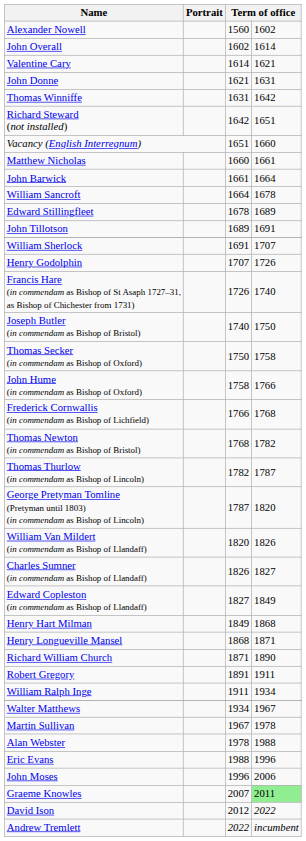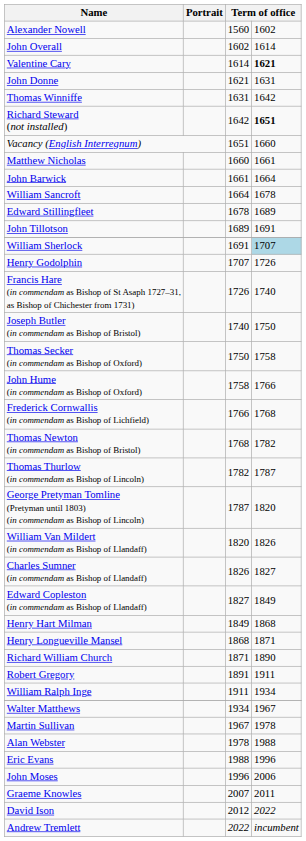 <table class="wikitable">
 <tr>
 <th>Name</th>
 <th>Portrait</th>
 <th colspan=2>Term of office</th>
 </tr>
 <tr>
 <td><a href='#'>Alexander Nowell</a></td>
 <td></td>
 <td>1560</td>
 <td>1602</td>
 </tr>
 <tr>
 <td><a href='#'>John Overall</a></td>
 <td></td>
 <td>1602</td>
 <td>1614</td>
 </tr>
 <tr>
 <td><a href='#'>Valentine Cary</a></td>
 <td></td>
 <td>1614</td>
-<td>1621</td>
+<td><strong>1621</strong></td>
 </tr>
 <tr>
 <td><a href='#'>John Donne</a></td>
 <td></td>
 <td>1621</td>
 <td>1631</td>
 </tr>
 <tr>
 <td><a href='#'>Thomas Winniffe</a></td>
 <td></td>
 <td>1631</td>
 <td>1642</td>
 </tr>
 <tr>
 <td><a href='#'>Richard Steward</a><br>(<em>not installed</em>)</td>
 <td></td>
 <td>1642</td>
-<td>1651</td>
+<td><strong>1651</strong></td>
 </tr>
 <tr>
 <td colspan=2><em>Vacancy (<a href='#'>English Interregnum</a>)</em></td>
 <td>1651</td>
 <td>1660</td>
 </tr>
 <tr>
 <td><a href='#'>Matthew Nicholas</a></td>
 <td></td>
 <td>1660</td>
 <td>1661</td>
 </tr>
 <tr>
 <td><a href='#'>John Barwick</a></td>
 <td></td>
 <td>1661</td>
 <td>1664</td>
 </tr>
 <tr>
 <td><a href='#'>William Sancroft</a></td>
 <td></td>
 <td>1664</td>
 <td>1678</td>
 </tr>
 <tr>
 <td><a href='#'>Edward Stillingfleet</a></td>
 <td></td>
 <td>1678</td>
 <td>1689</td>
 </tr>
 <tr>
 <td><a href='#'>John Tillotson</a></td>
 <td></td>
 <td>1689</td>
 <td>1691</td>
 </tr>
 <tr>
 </tr>
 <tr>
 <td><a href='#'>William Sherlock</a></td>
 <td></td>
 <td>1691</td>
-<td>1707</td>
+<td style="background: lightblue;">1707</td>
 </tr>
 <tr>
 <td><a href='#'>Henry Godolphin</a></td>
 <td></td>
 <td>1707</td>
 <td>1726</td>
 </tr>
 <tr>
 <td><a href='#'>Francis Hare</a><br><small>(<em>in commendam</em> as Bishop of St Asaph 1727–31,<br>as Bishop of Chichester from 1731)</small></td>
 <td></td>
 <td>1726</td>
 <td>1740</td>
 </tr>
 <tr>
 <td><a href='#'>Joseph Butler</a><br><small>(<em>in commendam</em> as Bishop of Bristol)</small></td>
 <td></td>
 <td>1740</td>
 <td>1750</td>
 </tr>
 <tr>
 <td><a href='#'>Thomas Secker</a><br><small>(<em>in commendam</em> as Bishop of Oxford)</small></td>
 <td></td>
 <td>1750</td>
 <td>1758</td>
 </tr>
 <tr>
 <td><a href='#'>John Hume</a><br><small>(<em>in commendam</em> as Bishop of Oxford)</small></td>
 <td></td>
 <td>1758</td>
 <td>1766</td>
 </tr>
 <tr>
 <td><a href='#'>Frederick Cornwallis</a><br><small>(<em>in commendam</em> as Bishop of Lichfield)</small></td>
 <td></td>
 <td>1766</td>
 <td>1768</td>
 </tr>
 <tr>
 <td><a href='#'>Thomas Newton</a><br><small>(<em>in commendam</em> as Bishop of Bristol)</small></td>
 <td></td>
 <td>1768</td>
 <td>1782</td>
 </tr>
 <tr>
 <td><a href='#'>Thomas Thurlow</a><br><small>(<em>in commendam</em> as Bishop of Lincoln)</small></td>
 <td></td>
 <td>1782</td>
 <td>1787</td>
 </tr>
 <tr>
 <td><a href='#'>George Pretyman Tomline</a><br><small>(Pretyman until 1803)<br>(<em>in commendam</em> as Bishop of Lincoln)</small></td>
 <td></td>
 <td>1787</td>
 <td>1820</td>
 </tr>
 <tr>
 <td><a href='#'>William Van Mildert</a><br><small>(<em>in commendam</em> as Bishop of Llandaff)</small></td>
 <td></td>
 <td>1820</td>
 <td>1826</td>
 </tr>
 <tr>
 <td><a href='#'>Charles Sumner</a><br><small>(<em>in commendam</em> as Bishop of Llandaff)</small></td>
 <td></td>
 <td>1826</td>
 <td>1827</td>
 </tr>
 <tr>
 <td><a href='#'>Edward Copleston</a><br><small>(<em>in commendam</em> as Bishop of Llandaff)</small></td>
 <td></td>
 <td>1827</td>
 <td>1849</td>
 </tr>
 <tr>
 <td><a href='#'>Henry Hart Milman</a></td>
 <td></td>
 <td>1849</td>
 <td>1868</td>
 </tr>
 <tr>
 <td><a href='#'>Henry Longueville Mansel</a></td>
 <td></td>
 <td>1868</td>
 <td>1871</td>
 </tr>
 <tr>
 <td><a href='#'>Richard William Church</a></td>
 <td></td>
 <td>1871</td>
 <td>1890</td>
 </tr>
 <tr>
 <td><a href='#'>Robert Gregory</a></td>
 <td></td>
 <td>1891</td>
 <td>1911</td>
 </tr>
 <tr>
 <td><a href='#'>William Ralph Inge</a></td>
 <td></td>
 <td>1911</td>
 <td>1934</td>
 </tr>
 <tr>
 </tr>
 <tr>
 <td><a href='#'>Walter Matthews</a></td>
 <td></td>
 <td>1934</td>
 <td>1967</td>
 </tr>
 <tr>
 <td><a href='#'>Martin Sullivan</a></td>
 <td></td>
 <td>1967</td>
 <td>1978</td>
 </tr>
 <tr>
 <td><a href='#'>Alan Webster</a></td>
 <td></td>
 <td>1978</td>
 <td>1988</td>
 </tr>
 <tr>
 <td><a href='#'>Eric Evans</a></td>
 <td></td>
 <td>1988</td>
 <td>1996</td>
 </tr>
 <tr>
 <td><a href='#'>John Moses</a></td>
 <td></td>
 <td>1996</td>
 <td>2006</td>
 </tr>
 <tr>
 <td><a href='#'>Graeme Knowles</a></td>
 <td></td>
 <td>2007</td>
-<td style="background: lightgreen;">2011</td>
+<td>2011</td>
 </tr>
 <tr>
 <td><a href='#'>David Ison</a></td>
 <td></td>
 <td>2012</td>
 <td><em>2022</em></td>
 </tr>
 <tr>
 <td><a href='#'>Andrew Tremlett</a></td>
 <td></td>
 <td><em>2022</em></td>
 <td><em>incumbent</em></td>
 </tr>
 </table>
